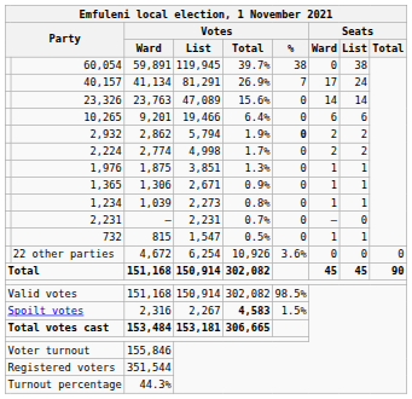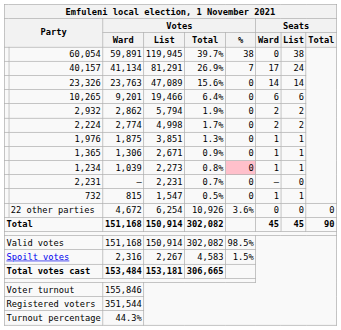 <table class=wikitable style="text-align:right">
 <tr>
 <th colspan="9" align="center">Emfuleni local election, 1 November 2021</th>
 </tr>
 <tr>
 <th rowspan="2" colspan="2">Party</th>
 <th colspan="4" align="center">Votes</th>
 <th colspan="3" align="center">Seats</th>
 </tr>
 <tr>
 <th>Ward</th>
 <th>List</th>
 <th>Total</th>
 <th>%</th>
 <th>Ward</th>
 <th>List</th>
 <th>Total</th>
 </tr>
 <tr>
 <td></td>
 <td>60,054</td>
 <td>59,891</td>
 <td>119,945</td>
 <td>39.7%</td>
 <td>38</td>
 <td>0</td>
 <td>38</td>
 </tr>
 <tr>
 <td></td>
 <td>40,157</td>
 <td>41,134</td>
 <td>81,291</td>
 <td>26.9%</td>
 <td>7</td>
 <td>17</td>
 <td>24</td>
 </tr>
 <tr>
 <td></td>
 <td>23,326</td>
 <td>23,763</td>
 <td>47,089</td>
 <td>15.6%</td>
 <td>0</td>
 <td>14</td>
 <td>14</td>
 </tr>
 <tr>
 <td></td>
 <td>10,265</td>
 <td>9,201</td>
 <td>19,466</td>
 <td>6.4%</td>
 <td>0</td>
 <td>6</td>
 <td>6</td>
 </tr>
 <tr>
 <td></td>
 <td>2,932</td>
 <td>2,862</td>
 <td>5,794</td>
 <td>1.9%</td>
-<td><strong>0</strong></td>
+<td>0</td>
 <td>2</td>
 <td>2</td>
 </tr>
 <tr>
 <td></td>
 <td>2,224</td>
 <td>2,774</td>
 <td>4,998</td>
 <td>1.7%</td>
 <td>0</td>
 <td>2</td>
 <td>2</td>
 </tr>
 <tr>
 <td></td>
 <td>1,976</td>
 <td>1,875</td>
 <td>3,851</td>
 <td>1.3%</td>
 <td>0</td>
 <td>1</td>
 <td>1</td>
 </tr>
 <tr>
 <td></td>
 <td>1,365</td>
 <td>1,306</td>
 <td>2,671</td>
 <td>0.9%</td>
 <td>0</td>
 <td>1</td>
 <td>1</td>
 </tr>
 <tr>
 <td></td>
 <td>1,234</td>
 <td>1,039</td>
 <td>2,273</td>
 <td>0.8%</td>
-<td>0</td>
+<td style="background: pink;">0</td>
 <td>1</td>
 <td>1</td>
 </tr>
 <tr>
 <td></td>
 <td>2,231</td>
 <td>–</td>
 <td>2,231</td>
 <td>0.7%</td>
 <td>0</td>
 <td>–</td>
 <td>0</td>
 </tr>
 <tr>
 <td></td>
 <td>732</td>
 <td>815</td>
 <td>1,547</td>
 <td>0.5%</td>
 <td>0</td>
 <td>1</td>
 <td>1</td>
 </tr>
 <tr>
 <td></td>
 <td style="text-align:left">22 other parties</td>
 <td>4,672</td>
 <td>6,254</td>
 <td>10,926</td>
 <td>3.6%</td>
 <td>0</td>
 <td>0</td>
 <td>0</td>
 </tr>
 <tr>
 <td colspan="2" style="text-align:left"><strong>Total</strong></td>
 <td><strong>151,168</strong></td>
 <td><strong>150,914</strong></td>
 <td><strong>302,082</strong></td>
 <td></td>
 <td><strong>45</strong></td>
 <td><strong>45</strong></td>
 <td><strong>90</strong></td>
 </tr>
 <tr>
 <td colspan="9"></td>
 </tr>
 <tr>
 <td colspan="2" style="text-align:left">Valid votes</td>
 <td>151,168</td>
 <td>150,914</td>
 <td>302,082</td>
 <td>98.5%</td>
 </tr>
 <tr>
 <td colspan="2" style="text-align:left"><a href='#'>Spoilt votes</a></td>
 <td>2,316</td>
 <td>2,267</td>
-<td><strong>4,583</strong></td>
+<td>4,583</td>
 <td>1.5%</td>
 </tr>
 <tr>
 <td colspan="2" style="text-align:left"><strong>Total votes cast</strong></td>
 <td><strong>153,484</strong></td>
 <td><strong>153,181</strong></td>
 <td><strong>306,665</strong></td>
 <td></td>
 </tr>
 <tr>
 <td colspan="6"></td>
 </tr>
 <tr>
 <td colspan="2" style="text-align:left">Voter turnout</td>
 <td>155,846</td>
 </tr>
 <tr>
 <td colspan="2" style="text-align:left">Registered voters</td>
 <td>351,544</td>
 </tr>
 <tr>
 <td colspan="2" style="text-align:left">Turnout percentage</td>
 <td>44.3%</td>
 </tr>
 </table>
